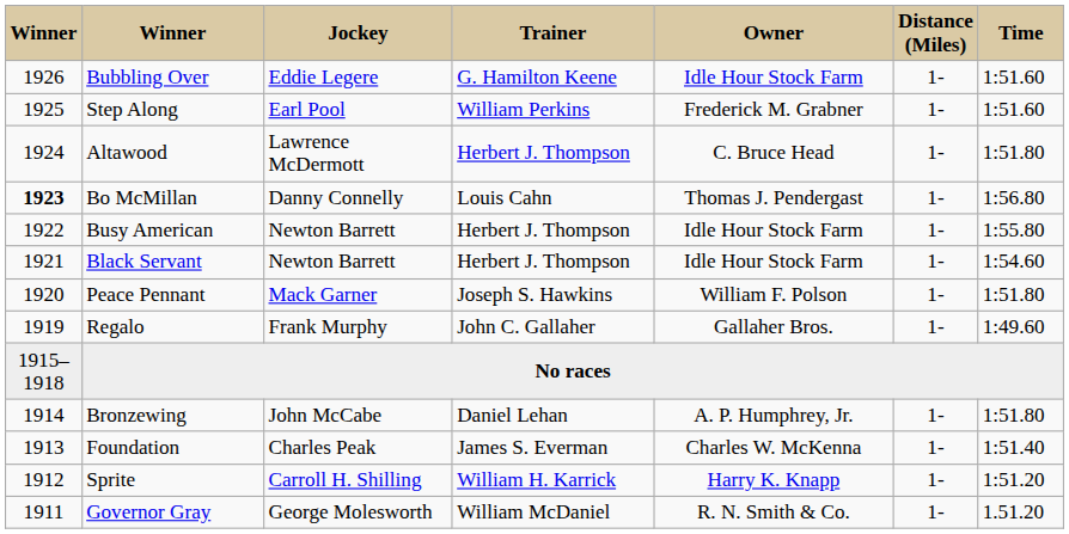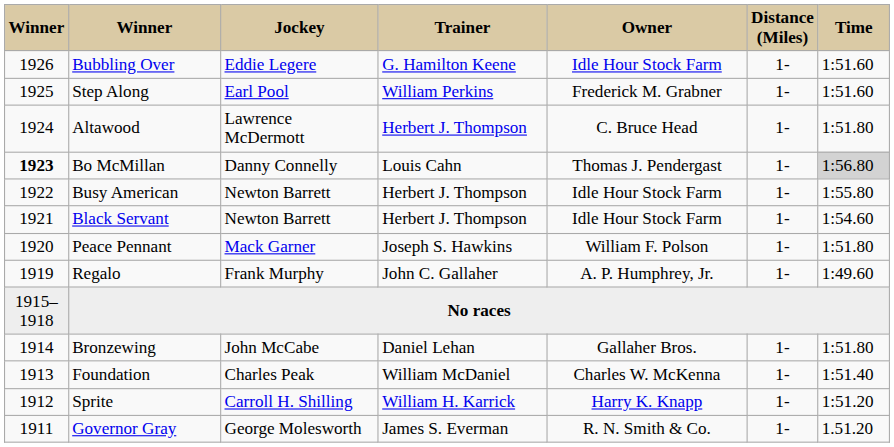 <table class="wikitable sortable">
 <tr>
 <th style="background-color:#DACAA5; width:48px">Winner<br></th>
 <th style="background-color:#DACAA5; width:135px">Winner<br></th>
 <th style="background-color:#DACAA5; width:140px">Jockey<br></th>
 <th style="background-color:#DACAA5; width:150px">Trainer<br></th>
 <th style="background-color:#DACAA5; width:180px">Owner<br></th>
 <th style="background-color:#DACAA5; width:50px">Distance<br>(Miles)<br></th>
 <th style="background-color:#DACAA5; width:60px">Time<br></th>
 </tr>
 <tr>
 <td align=center>1926</td>
 <td><a href='#'>Bubbling Over</a></td>
 <td><a href='#'>Eddie Legere</a></td>
 <td><a href='#'>G. Hamilton Keene</a></td>
 <td align=center><a href='#'>Idle Hour Stock Farm</a></td>
 <td align=center>1-</td>
 <td>1:51.60</td>
 </tr>
 <tr>
 <td align=center>1925</td>
 <td>Step Along</td>
 <td><a href='#'>Earl Pool</a></td>
 <td><a href='#'>William Perkins</a></td>
 <td align=center>Frederick M. Grabner</td>
 <td align=center>1-</td>
 <td>1:51.60</td>
 </tr>
 <tr>
 <td align=center>1924</td>
 <td>Altawood</td>
 <td>Lawrence McDermott</td>
 <td><a href='#'>Herbert J. Thompson</a></td>
 <td align=center>C. Bruce Head</td>
 <td align=center>1-</td>
 <td>1:51.80</td>
 </tr>
 <tr>
 <td align=center><strong>1923</strong></td>
 <td>Bo McMillan</td>
 <td>Danny Connelly</td>
 <td>Louis Cahn</td>
 <td align=center>Thomas J. Pendergast</td>
 <td align=center>1-</td>
-<td>1:56.80</td>
+<td style="background: lightgrey;">1:56.80</td>
 </tr>
 <tr>
 <td align=center>1922</td>
 <td>Busy American</td>
 <td>Newton Barrett</td>
 <td>Herbert J. Thompson</td>
 <td align=center>Idle Hour Stock Farm</td>
 <td align=center>1-</td>
 <td>1:55.80</td>
 </tr>
 <tr>
 <td align=center>1921</td>
 <td><a href='#'>Black Servant</a></td>
 <td>Newton Barrett</td>
 <td>Herbert J. Thompson</td>
 <td align=center>Idle Hour Stock Farm</td>
 <td align=center>1-</td>
 <td>1:54.60</td>
 </tr>
 <tr>
 <td align=center>1920</td>
 <td>Peace Pennant</td>
 <td><a href='#'>Mack Garner</a></td>
 <td>Joseph S. Hawkins</td>
 <td align=center>William F. Polson</td>
 <td align=center>1-</td>
 <td>1:51.80</td>
 </tr>
 <tr>
 <td align=center>1919</td>
 <td>Regalo</td>
 <td>Frank Murphy</td>
 <td>John C. Gallaher</td>
-<td align=center>Gallaher Bros.</td>
+<td align=center>A. P. Humphrey, Jr.</td>
 <td align=center>1-</td>
 <td>1:49.60</td>
 </tr>
 <tr bgcolor="#eeeeee">
 <td align=center>1915–1918</td>
 <td colspan="8" align="center"><strong>No races</strong></td>
 </tr>
 <tr>
 <td align=center>1914</td>
 <td>Bronzewing</td>
 <td>John McCabe</td>
 <td>Daniel Lehan</td>
-<td align=center>A. P. Humphrey, Jr.</td>
+<td align=center>Gallaher Bros.</td>
 <td align=center>1-</td>
 <td>1:51.80</td>
 </tr>
 <tr>
 <td align=center>1913</td>
 <td>Foundation</td>
 <td>Charles Peak</td>
-<td>James S. Everman</td>
+<td>William McDaniel</td>
 <td align=center>Charles W. McKenna</td>
 <td align=center>1-</td>
 <td>1:51.40</td>
 </tr>
 <tr>
 <td align=center>1912</td>
 <td>Sprite</td>
 <td><a href='#'>Carroll H. Shilling</a></td>
 <td><a href='#'>William H. Karrick</a></td>
 <td align=center><a href='#'>Harry K. Knapp</a></td>
 <td align=center>1-</td>
 <td>1:51.20</td>
 </tr>
 <tr>
 <td align=center>1911</td>
 <td><a href='#'>Governor Gray</a></td>
 <td>George Molesworth</td>
-<td>William McDaniel</td>
+<td>James S. Everman</td>
 <td align=center>R. N. Smith & Co.</td>
 <td align=center>1-</td>
 <td>1.51.20</td>
 </tr>
 </table>
